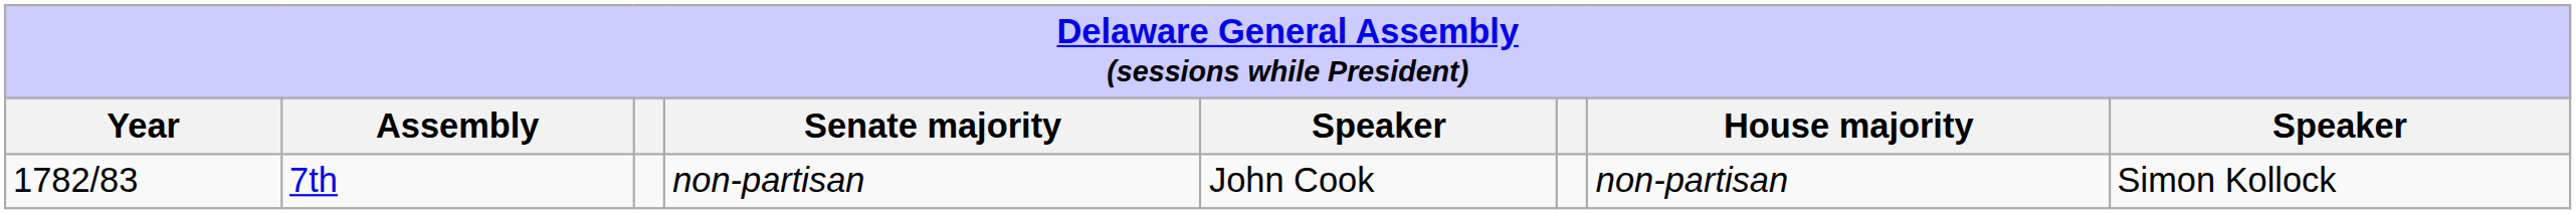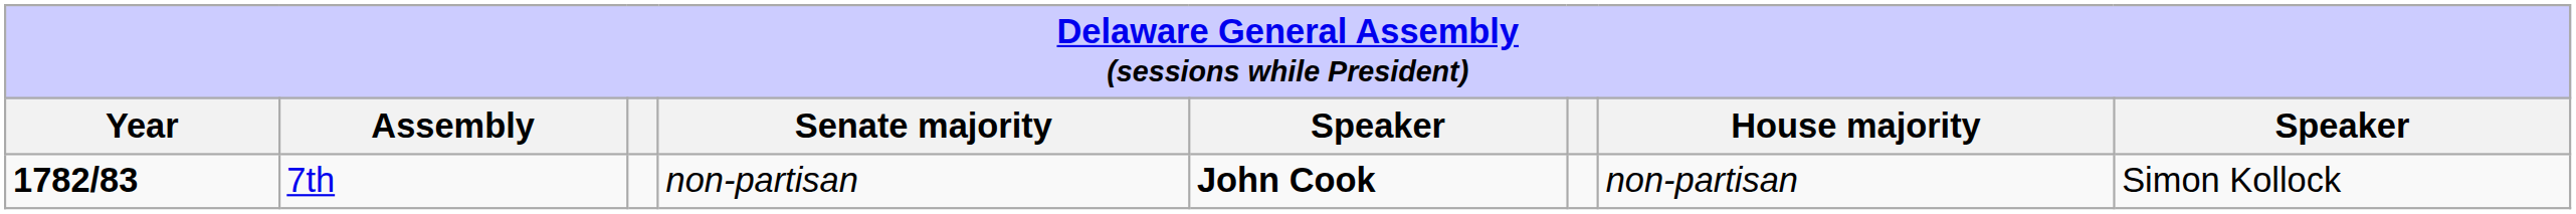 <table class=wikitable style="width: 94%" style="text-align: center;" align="center">
 <tr bgcolor=#cccccc>
 <th colspan=12 style="background: #ccccff;"><strong><a href='#'>Delaware General Assembly</a></strong> <br> <small> <em>(sessions while President)</em></small></th>
 </tr>
 <tr>
 <th><strong>Year</strong></th>
 <th><strong>Assembly</strong></th>
 <th></th>
 <th><strong>Senate majority</strong></th>
 <th><strong>Speaker</strong></th>
 <th></th>
 <th><strong>House majority</strong></th>
 <th><strong>Speaker</strong></th>
 </tr>
 <tr>
-<td>1782/83</td>
+<td><strong>1782/83</strong></td>
 <td><a href='#'>7th</a></td>
 <td></td>
 <td><em>non-partisan</em></td>
-<td>John Cook</td>
+<td><strong>John Cook</strong></td>
 <td></td>
 <td><em>non-partisan</em></td>
 <td>Simon Kollock</td>
 </tr>
 </table>
